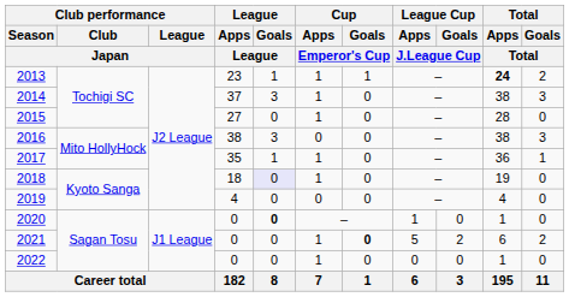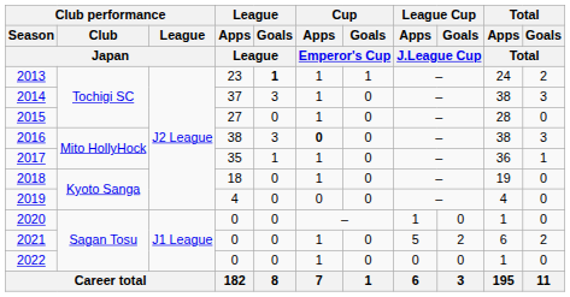 <table class="wikitable" style="text-align:center">
 <tr>
 <th colspan=3>Club performance</th>
 <th colspan=2>League</th>
 <th colspan=2>Cup</th>
 <th colspan="2">League Cup</th>
 <th colspan=2>Total</th>
 </tr>
 <tr>
 <th>Season</th>
 <th>Club</th>
 <th>League</th>
 <th>Apps</th>
 <th>Goals</th>
 <th>Apps</th>
 <th>Goals</th>
 <th>Apps</th>
 <th>Goals</th>
 <th>Apps</th>
 <th>Goals</th>
 </tr>
 <tr>
 <th colspan=3>Japan</th>
 <th colspan=2>League</th>
 <th colspan=2><a href='#'>Emperor's Cup</a></th>
 <th colspan="2"><a href='#'>J.League Cup</a></th>
 <th colspan=2>Total</th>
 </tr>
 <tr>
 <td><a href='#'>2013</a></td>
 <td rowspan="3"><a href='#'>Tochigi SC</a></td>
 <td rowspan="7"><a href='#'>J2 League</a></td>
 <td>23</td>
-<td>1</td>
+<td><strong>1</strong></td>
 <td>1</td>
 <td>1</td>
 <td colspan="2">–</td>
-<td><strong>24</strong></td>
+<td>24</td>
 <td>2</td>
 </tr>
 <tr>
 <td><a href='#'>2014</a></td>
 <td>37</td>
 <td>3</td>
 <td>1</td>
 <td>0</td>
 <td colspan="2">–</td>
 <td>38</td>
 <td>3</td>
 </tr>
 <tr>
 <td><a href='#'>2015</a></td>
 <td>27</td>
 <td>0</td>
 <td>1</td>
 <td>0</td>
 <td colspan="2">–</td>
 <td>28</td>
 <td>0</td>
 </tr>
 <tr>
 <td><a href='#'>2016</a></td>
 <td rowspan="2"><a href='#'>Mito HollyHock</a></td>
 <td>38</td>
 <td>3</td>
-<td>0</td>
+<td><strong>0</strong></td>
 <td>0</td>
 <td colspan="2">–</td>
 <td>38</td>
 <td>3</td>
 </tr>
 <tr>
 <td><a href='#'>2017</a></td>
 <td>35</td>
 <td>1</td>
 <td>1</td>
 <td>0</td>
 <td colspan="2">–</td>
 <td>36</td>
 <td>1</td>
 </tr>
 <tr>
 <td><a href='#'>2018</a></td>
 <td rowspan="2"><a href='#'>Kyoto Sanga</a></td>
 <td>18</td>
-<td style="background: lavender;">0</td>
+<td>0</td>
 <td>1</td>
 <td>0</td>
 <td colspan="2">–</td>
 <td>19</td>
 <td>0</td>
 </tr>
 <tr>
 <td><a href='#'>2019</a></td>
 <td>4</td>
 <td>0</td>
 <td>0</td>
 <td>0</td>
 <td colspan="2">–</td>
 <td>4</td>
 <td>0</td>
 </tr>
 <tr>
 <td><a href='#'>2020</a></td>
 <td rowspan="3"><a href='#'>Sagan Tosu</a></td>
 <td rowspan="3"><a href='#'>J1 League</a></td>
 <td>0</td>
-<td><strong>0</strong></td>
+<td>0</td>
 <td colspan="2">–</td>
 <td>1</td>
 <td>0</td>
 <td>1</td>
 <td>0</td>
 </tr>
 <tr>
 <td><a href='#'>2021</a></td>
 <td>0</td>
 <td>0</td>
 <td>1</td>
-<td><strong>0</strong></td>
+<td>0</td>
 <td>5</td>
 <td>2</td>
 <td>6</td>
 <td>2</td>
 </tr>
 <tr>
 <td><a href='#'>2022</a></td>
 <td>0</td>
 <td>0</td>
 <td>1</td>
 <td>0</td>
 <td>0</td>
 <td>0</td>
 <td>1</td>
 <td>0</td>
 </tr>
 <tr>
 <th colspan="3">Career total</th>
 <th>182</th>
 <th>8</th>
 <th>7</th>
 <th>1</th>
 <th>6</th>
 <th>3</th>
 <th>195</th>
 <th>11</th>
 </tr>
 </table>
